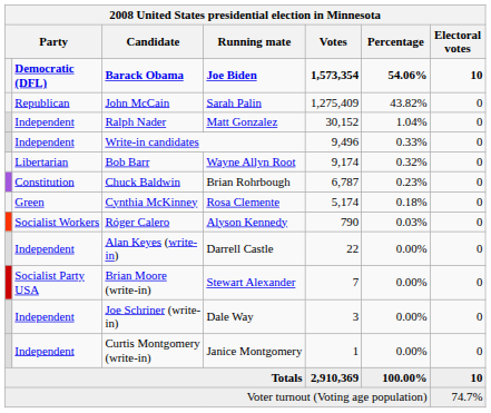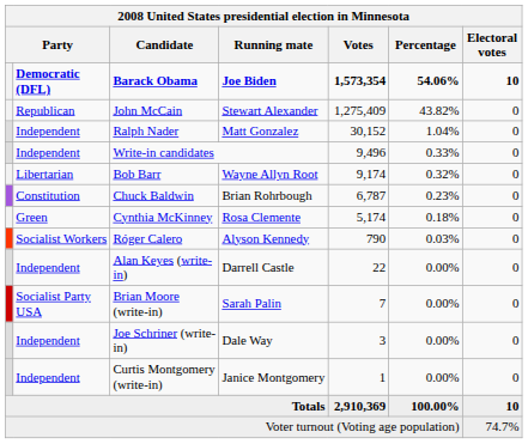 <table class="wikitable" style="font-size: 95%;">
 <tr>
 <th colspan="7">2008 United States presidential election in Minnesota</th>
 </tr>
 <tr>
 <th colspan="2" style="width: 15em">Party</th>
 <th style="width: 17em">Candidate</th>
 <th style="width: 17em">Running mate</th>
 <th style="width: 5em">Votes</th>
 <th style="width: 7em">Percentage</th>
 <th style="width: 5em">Electoral votes</th>
 </tr>
 <tr>
 <th style="background-color:"></th>
 <td style="width: 130px"><strong><a href='#'>Democratic (DFL)</a></strong></td>
 <td><strong><a href='#'>Barack Obama</a></strong></td>
 <td><strong><a href='#'>Joe Biden</a></strong></td>
 <td align="right"><strong>1,573,354</strong></td>
 <td align="right"><strong>54.06%</strong></td>
 <td align="right"><strong>10</strong></td>
 </tr>
 <tr>
 <th style="background-color:"></th>
 <td style="width: 130px"><a href='#'>Republican</a></td>
 <td><a href='#'>John McCain</a></td>
-<td><a href='#'>Sarah Palin</a></td>
+<td><a href='#'>Stewart Alexander</a></td>
 <td align="right">1,275,409</td>
 <td align="right">43.82%</td>
 <td align="right">0</td>
 </tr>
 <tr>
 <th style="background-color:#DDDDDD; width: 3px"></th>
 <td style="width: 130px"><a href='#'>Independent</a></td>
 <td><a href='#'>Ralph Nader</a></td>
 <td><a href='#'>Matt Gonzalez</a></td>
 <td align="right">30,152</td>
 <td align="right">1.04%</td>
 <td align="right">0</td>
 </tr>
 <tr>
 <th style="background-color:#DDDDDD; width: 3px"></th>
 <td style="width: 130px"><a href='#'>Independent</a></td>
 <td colspan="2"><a href='#'>Write-in candidates</a></td>
 <td align="right">9,496</td>
 <td align="right">0.33%</td>
 <td align="right">0</td>
 </tr>
 <tr>
 <th style="background-color:"></th>
 <td style="width: 130px"><a href='#'>Libertarian</a></td>
 <td><a href='#'>Bob Barr</a></td>
 <td><a href='#'>Wayne Allyn Root</a></td>
 <td align="right">9,174</td>
 <td align="right">0.32%</td>
 <td align="right">0</td>
 </tr>
 <tr>
 <th style="background-color:#A356DE; width: 3px"></th>
 <td style="width: 130px"><a href='#'>Constitution</a></td>
 <td><a href='#'>Chuck Baldwin</a></td>
 <td>Brian Rohrbough</td>
 <td align="right">6,787</td>
 <td align="right">0.23%</td>
 <td align="right">0</td>
 </tr>
 <tr>
 <th style="background-color:"></th>
 <td style="width: 130px"><a href='#'>Green</a></td>
 <td><a href='#'>Cynthia McKinney</a></td>
 <td><a href='#'>Rosa Clemente</a></td>
 <td align="right">5,174</td>
 <td align="right">0.18%</td>
 <td align="right">0</td>
 </tr>
 <tr>
 <th style="background-color:#FF3300; width: 3px"></th>
 <td style="width: 130px"><a href='#'>Socialist Workers</a></td>
 <td><a href='#'>Róger Calero</a></td>
 <td><a href='#'>Alyson Kennedy</a></td>
 <td align="right">790</td>
 <td align="right">0.03%</td>
 <td align="right">0</td>
 </tr>
 <tr>
 <th style="background-color:#DDDDDD; width: 3px"></th>
 <td style="width: 130px"><a href='#'>Independent</a></td>
 <td><a href='#'>Alan Keyes</a> (<a href='#'>write-in</a>)</td>
 <td>Darrell Castle</td>
 <td align="right">22</td>
 <td align="right">0.00%</td>
 <td align="right">0</td>
 </tr>
 <tr>
 <th style="background-color:#CC0000; width: 3px"></th>
 <td style="width: 130px"><a href='#'>Socialist Party USA</a></td>
 <td><a href='#'>Brian Moore</a> (write-in)</td>
-<td><a href='#'>Stewart Alexander</a></td>
+<td><a href='#'>Sarah Palin</a></td>
 <td align="right">7</td>
 <td align="right">0.00%</td>
 <td align="right">0</td>
 </tr>
 <tr>
 <th style="background-color:#DDDDDD; width: 3px"></th>
 <td style="width: 130px"><a href='#'>Independent</a></td>
 <td><a href='#'>Joe Schriner</a> (write-in)</td>
 <td>Dale Way</td>
 <td align="right">3</td>
 <td align="right">0.00%</td>
 <td align="right">0</td>
 </tr>
 <tr>
 <th style="background-color:#DDDDDD; width: 3px"></th>
 <td style="width: 130px"><a href='#'>Independent</a></td>
 <td>Curtis Montgomery (write-in)</td>
 <td>Janice Montgomery</td>
 <td align="right">1</td>
 <td align="right">0.00%</td>
 <td align="right">0</td>
 </tr>
 <tr bgcolor="#EEEEEE">
 <td colspan="4" align="right"><strong>Totals</strong></td>
 <td align="right"><strong>2,910,369</strong></td>
 <td align="right"><strong>100.00%</strong></td>
 <td align="right"><strong>10</strong></td>
 </tr>
 <tr bgcolor="#EEEEEE">
 <td colspan="6" align="right">Voter turnout (Voting age population)</td>
 <td colspan="1" align="right">74.7%</td>
 </tr>
 </table>
